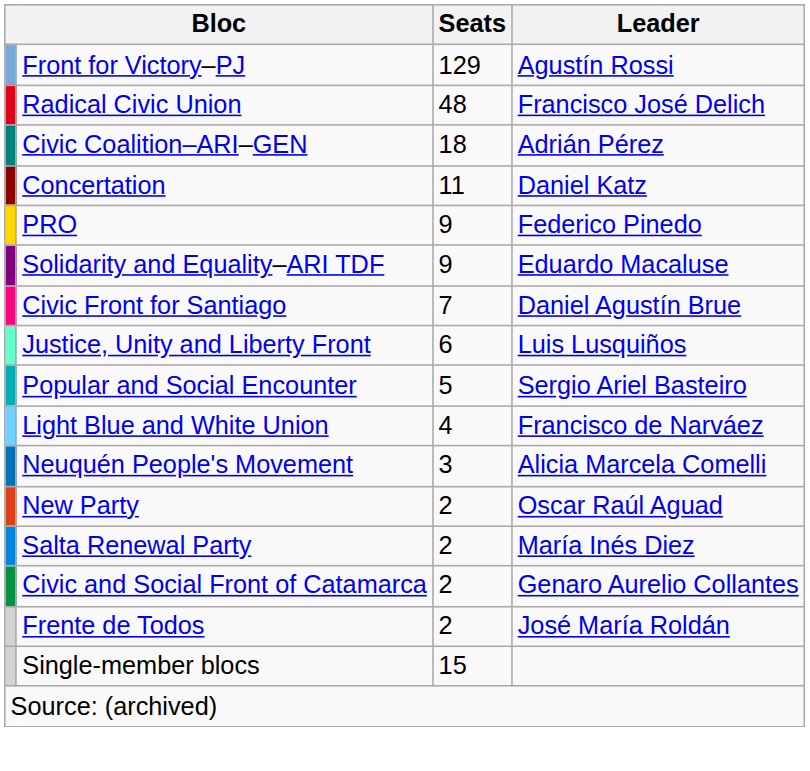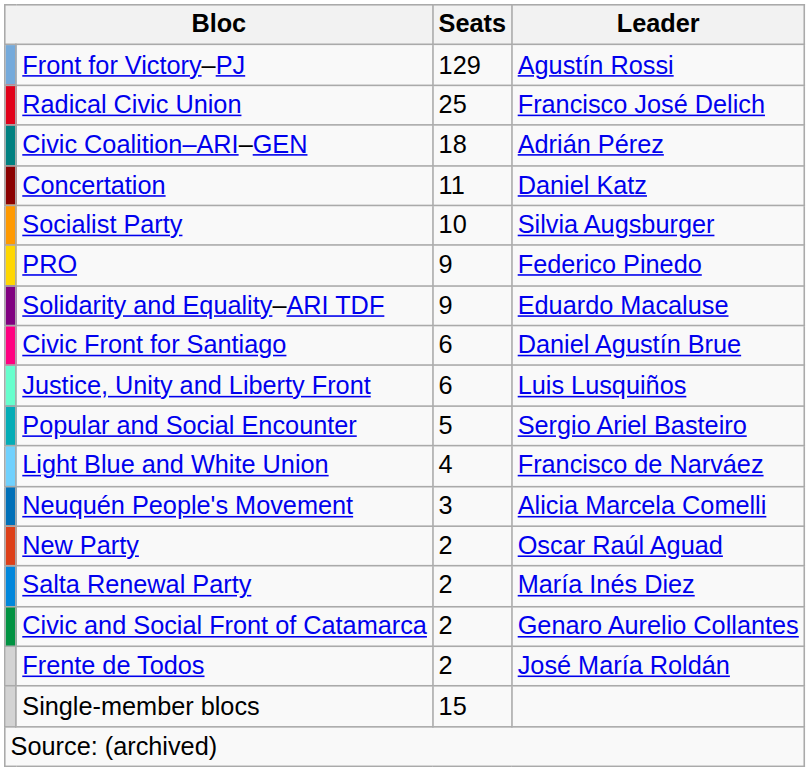 <table class="wikitable">
 <tr>
 <th colspan="2">Bloc</th>
 <th>Seats</th>
 <th>Leader</th>
 </tr>
 <tr>
 <td bgcolor="#75AADB"></td>
 <td><a href='#'>Front for Victory</a>–<a href='#'>PJ</a></td>
 <td>129</td>
 <td><a href='#'>Agustín Rossi</a></td>
 </tr>
 <tr>
 <td bgcolor="#E10019"></td>
 <td><a href='#'>Radical Civic Union</a></td>
-<td>48</td>
+<td>25</td>
 <td><a href='#'>Francisco José Delich</a></td>
 </tr>
 <tr>
 <td bgcolor="#008080"></td>
 <td><a href='#'>Civic Coalition–ARI</a>–<a href='#'>GEN</a></td>
 <td>18</td>
 <td><a href='#'>Adrián Pérez</a></td>
 </tr>
 <tr>
 <td bgcolor="darkred"></td>
 <td><a href='#'>Concertation</a></td>
 <td>11</td>
 <td><a href='#'>Daniel Katz</a></td>
+</tr>
+<tr>
+<td bgcolor="#FF9900"></td>
+<td><a href='#'>Socialist Party</a></td>
+<td>10</td>
+<td><a href='#'>Silvia Augsburger</a></td>
 </tr>
 <tr>
 <td bgcolor="#ffd700"></td>
 <td><a href='#'>PRO</a></td>
 <td>9</td>
 <td><a href='#'>Federico Pinedo</a></td>
 </tr>
 <tr>
 <td bgcolor="purple"></td>
 <td><a href='#'>Solidarity and Equality</a>–<a href='#'>ARI TDF</a></td>
 <td>9</td>
 <td><a href='#'>Eduardo Macaluse</a></td>
 </tr>
 <tr>
 <td bgcolor="#FF0080"></td>
 <td><a href='#'>Civic Front for Santiago</a></td>
-<td>7</td>
+<td>6</td>
 <td><a href='#'>Daniel Agustín Brue</a></td>
 </tr>
 <tr>
 <td bgcolor=#66ffcd></td>
 <td><a href='#'>Justice, Unity and Liberty Front</a></td>
 <td>6</td>
 <td><a href='#'>Luis Lusquiños</a></td>
 </tr>
 <tr>
 <td bgcolor="#03ACB6"></td>
 <td><a href='#'>Popular and Social Encounter</a></td>
 <td>5</td>
 <td><a href='#'>Sergio Ariel Basteiro</a></td>
 </tr>
 <tr>
 <td bgcolor="#70d1fe"></td>
 <td><a href='#'>Light Blue and White Union</a></td>
 <td>4</td>
 <td><a href='#'>Francisco de Narváez</a></td>
 </tr>
 <tr>
 <td bgcolor="#0070b8"></td>
 <td><a href='#'>Neuquén People's Movement</a></td>
 <td>3</td>
 <td><a href='#'>Alicia Marcela Comelli</a></td>
 </tr>
 <tr>
 <td bgcolor=#dd3f18></td>
 <td><a href='#'>New Party</a></td>
 <td>2</td>
 <td><a href='#'>Oscar Raúl Aguad</a></td>
 </tr>
 <tr>
 <td bgcolor=#0087DC></td>
 <td><a href='#'>Salta Renewal Party</a></td>
 <td>2</td>
 <td><a href='#'>María Inés Diez</a></td>
 </tr>
 <tr>
 <td bgcolor=#009241></td>
 <td><a href='#'>Civic and Social Front of Catamarca</a></td>
 <td>2</td>
 <td><a href='#'>Genaro Aurelio Collantes</a></td>
 </tr>
 <tr>
 <td bgcolor=#D3D3D3></td>
 <td><a href='#'>Frente de Todos</a></td>
 <td>2</td>
 <td><a href='#'>José María Roldán</a></td>
 </tr>
 <tr>
 <td bgcolor="#D3D3D3"></td>
 <td>Single-member blocs</td>
 <td>15</td>
 <td></td>
 </tr>
 <tr>
 <td colspan=4>Source:  (archived)</td>
 </tr>
 </table>
